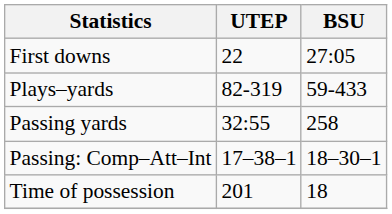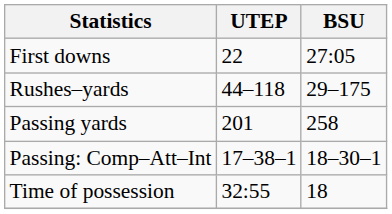 <table class="wikitable">
 <tr>
 <th>Statistics</th>
 <th>UTEP</th>
 <th>BSU</th>
 </tr>
 <tr>
 <td>First downs</td>
 <td>22</td>
 <td>27:05</td>
 </tr>
 <tr>
-<td>Plays–yards</td>
-<td>82-319</td>
-<td>59-433</td>
+<td>Rushes–yards</td>
+<td>44–118</td>
+<td>29–175</td>
 </tr>
 <tr>
 <td>Passing yards</td>
-<td>32:55</td>
+<td>201</td>
 <td>258</td>
 </tr>
 <tr>
 <td>Passing: Comp–Att–Int</td>
 <td>17–38–1</td>
 <td>18–30–1</td>
 </tr>
 <tr>
 <td>Time of possession</td>
-<td>201</td>
+<td>32:55</td>
 <td>18</td>
 </tr>
 <tr>
 </tr>
 </table>
